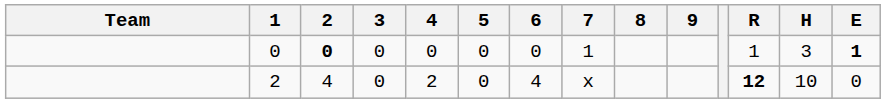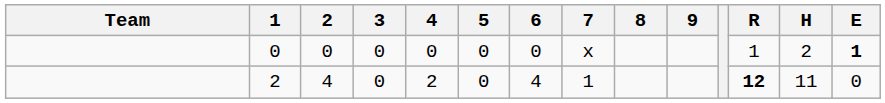 <table border=1 cellspacing=0 width=600 style="margin-left:3em;" class="wikitable">
 <tr style="text-align:center; background-color:#e6e6e6;">
 <th align=left width=28%>Team</th>
 <th width=6%>1</th>
 <th width=6%>2</th>
 <th width=6%>3</th>
 <th width=6%>4</th>
 <th width=6%>5</th>
 <th width=6%>6</th>
 <th width=6%>7</th>
 <th width=6%>8</th>
 <th width=6%>9</th>
 <th rowspan="3" width=0.5%></th>
 <th width=6%>R</th>
 <th width=6%>H</th>
 <th width=6%>E</th>
 </tr>
 <tr style="text-align:center;">
 <td align=left></td>
 <td>0</td>
-<td><strong>0</strong></td>
 <td>0</td>
 <td>0</td>
 <td>0</td>
 <td>0</td>
-<td>1</td>
+<td>0</td>
+<td>x</td>
 <td></td>
 <td></td>
 <td>1</td>
-<td>3</td>
+<td>2</td>
 <td><strong>1</strong></td>
 </tr>
 <tr style="text-align:center;">
 <td align=left></td>
 <td>2</td>
 <td>4</td>
 <td>0</td>
 <td>2</td>
 <td>0</td>
 <td>4</td>
-<td>x</td>
+<td>1</td>
 <td></td>
 <td></td>
 <td><strong>12</strong></td>
-<td>10</td>
+<td>11</td>
 <td>0</td>
 </tr>
 </table>
